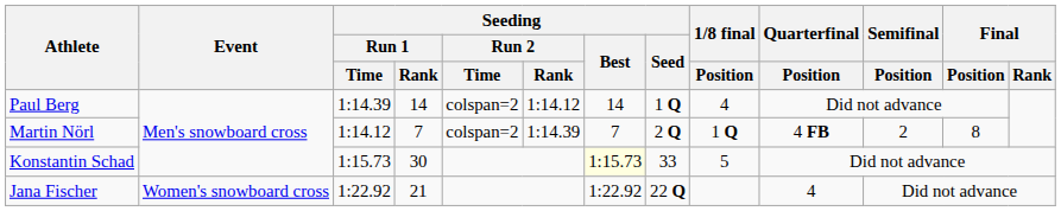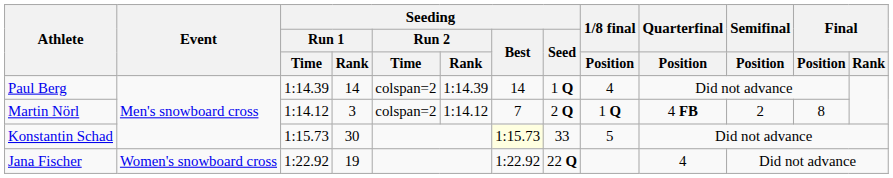 <table class=wikitable style="font-size:90%">
 <tr>
 <th rowspan=3>Athlete</th>
 <th rowspan=3>Event</th>
 <th colspan=6>Seeding</th>
 <th rowspan=2>1/8 final</th>
 <th rowspan=2>Quarterfinal</th>
 <th rowspan=2>Semifinal</th>
 <th rowspan=2 colspan=2>Final</th>
 </tr>
 <tr style=font-size:95%>
 <th colspan=2>Run 1</th>
 <th colspan=2>Run 2</th>
 <th rowspan=2>Best</th>
 <th rowspan=2>Seed</th>
 </tr>
 <tr style=font-size:95%>
 <th>Time</th>
 <th>Rank</th>
 <th>Time</th>
 <th>Rank</th>
 <th>Position</th>
 <th>Position</th>
 <th>Position</th>
 <th>Position</th>
 <th>Rank</th>
 </tr>
 <tr align=center>
 <td align=left><a href='#'>Paul Berg</a></td>
 <td align=left rowspan=3><a href='#'>Men's snowboard cross</a></td>
 <td>1:14.39</td>
 <td>14</td>
 <td>colspan=2 </td>
-<td>1:14.12</td>
+<td>1:14.39</td>
 <td>14</td>
 <td>1 <strong>Q</strong></td>
 <td>4</td>
 <td colspan=3>Did not advance</td>
 </tr>
 <tr align=center>
 <td align=left><a href='#'>Martin Nörl</a></td>
 <td>1:14.12</td>
-<td>7</td>
+<td>3</td>
 <td>colspan=2 </td>
-<td>1:14.39</td>
+<td>1:14.12</td>
 <td>7</td>
 <td>2 <strong>Q</strong></td>
 <td>1 <strong>Q</strong></td>
 <td>4 <strong>FB</strong></td>
 <td>2</td>
 <td>8</td>
 </tr>
 <tr align=center>
 <td align=left><a href='#'>Konstantin Schad</a></td>
 <td>1:15.73</td>
 <td>30</td>
 <td colspan=2></td>
 <td style="background: lightyellow;">1:15.73</td>
 <td>33</td>
 <td>5</td>
 <td colspan=4>Did not advance</td>
 </tr>
 <tr align=center>
 <td align=left><a href='#'>Jana Fischer</a></td>
 <td align=left><a href='#'>Women's snowboard cross</a></td>
 <td>1:22.92</td>
-<td>21</td>
+<td>19</td>
 <td colspan=2></td>
 <td>1:22.92</td>
 <td>22 <strong>Q</strong></td>
 <td></td>
 <td>4</td>
 <td colspan=3>Did not advance</td>
 </tr>
 </table>
